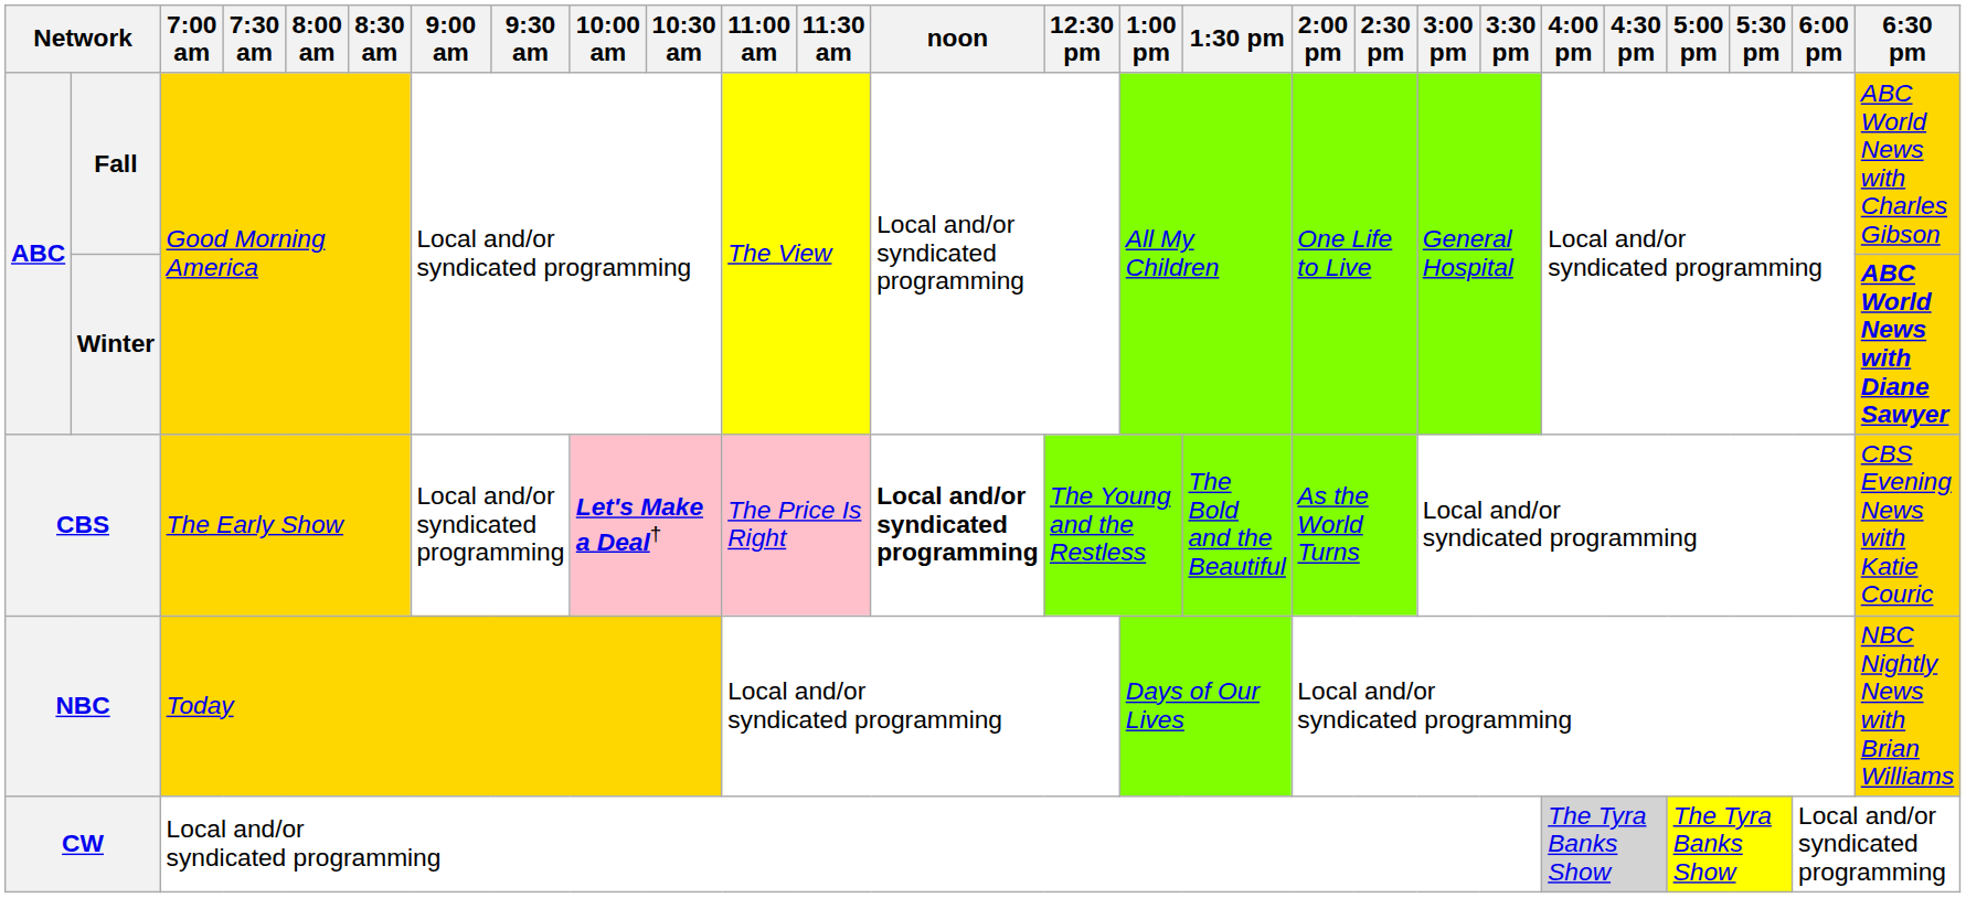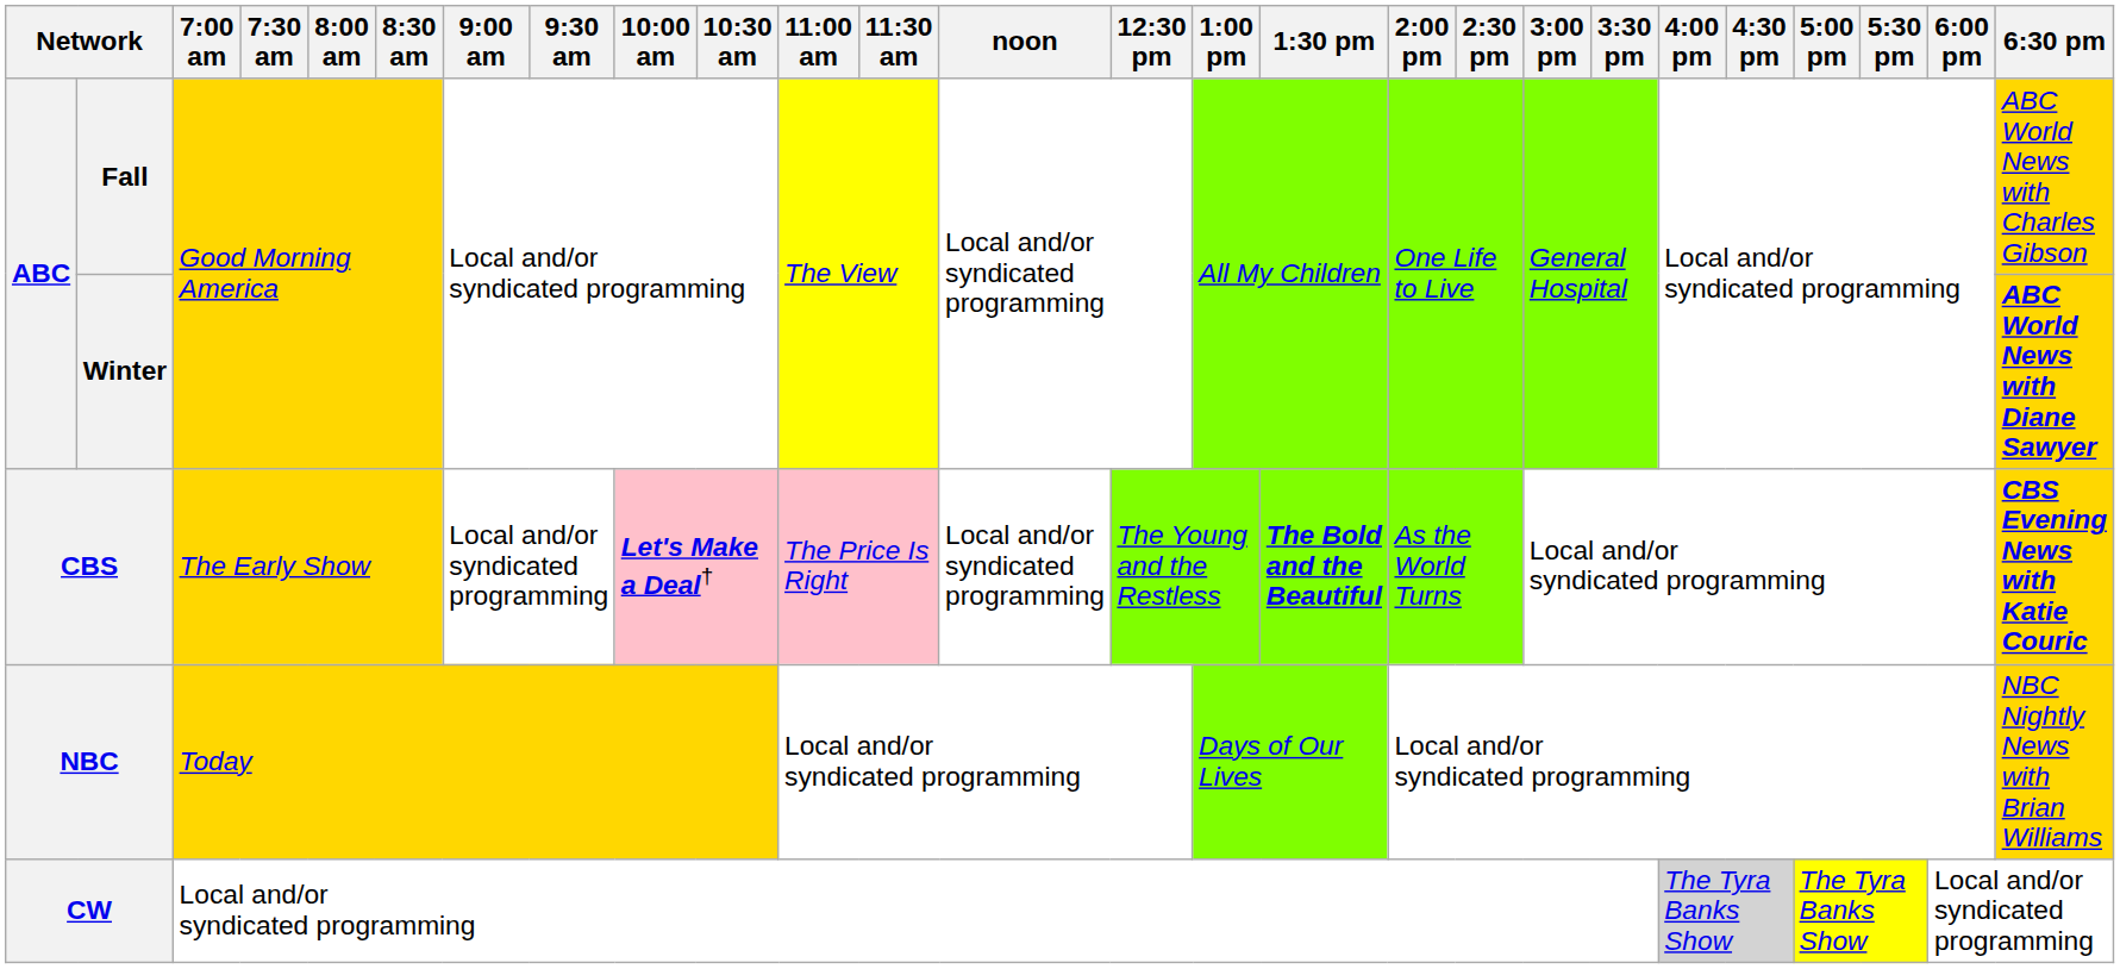 <table class=wikitable>
 <tr>
 <th width="1.5%" bgcolor="#C0C0C0" colspan="2">Network</th>
 <th width="4%" bgcolor="#C0C0C0">7:00 am</th>
 <th width="4%" bgcolor="#C0C0C0">7:30 am</th>
 <th width="4%" bgcolor="#C0C0C0">8:00 am</th>
 <th width="4%" bgcolor="#C0C0C0">8:30 am</th>
 <th width="4%" bgcolor="#C0C0C0">9:00 am</th>
 <th width="4%" bgcolor="#C0C0C0">9:30 am</th>
 <th width="4%" bgcolor="#C0C0C0">10:00 am</th>
 <th width="4%" bgcolor="#C0C0C0">10:30 am</th>
 <th width="4%" bgcolor="#C0C0C0">11:00 am</th>
 <th width="4%" bgcolor="#C0C0C0">11:30 am</th>
 <th width="4%" bgcolor="#C0C0C0">noon</th>
 <th width="4%" bgcolor="#C0C0C0">12:30 pm</th>
 <th width="4%" bgcolor="#C0C0C0">1:00 pm</th>
 <th width="4%" bgcolor="#C0C0C0">1:30 pm</th>
 <th width="4%" bgcolor="#C0C0C0">2:00 pm</th>
 <th width="4%" bgcolor="#C0C0C0">2:30 pm</th>
 <th width="4%" bgcolor="#C0C0C0">3:00 pm</th>
 <th width="4%" bgcolor="#C0C0C0">3:30 pm</th>
 <th width="4%" bgcolor="#C0C0C0">4:00 pm</th>
 <th width="4%" bgcolor="#C0C0C0">4:30 pm</th>
 <th width="4%" bgcolor="#C0C0C0">5:00 pm</th>
 <th width="4%" bgcolor="#C0C0C0">5:30 pm</th>
 <th width="4%" bgcolor="#C0C0C0">6:00 pm</th>
 <th width="4%" bgcolor="#C0C0C0">6:30 pm</th>
 </tr>
 <tr>
 <th bgcolor="#C0C0C0" rowspan="2"><a href='#'>ABC</a></th>
 <th>Fall</th>
 <td bgcolor="gold" colspan="4" rowspan="2"><em><a href='#'>Good Morning America</a></em></td>
 <td bgcolor="white" colspan="4" rowspan="2">Local and/or<br>syndicated programming</td>
 <td bgcolor="yellow" colspan="2" rowspan="2"><em><a href='#'>The View</a></em></td>
 <td bgcolor="white" colspan="2" rowspan="2">Local and/or<br>syndicated programming</td>
 <td bgcolor="chartreuse" colspan="2" rowspan="2"><em><a href='#'>All My Children</a></em></td>
 <td bgcolor="chartreuse" colspan="2" rowspan="2"><em><a href='#'>One Life to Live</a></em></td>
 <td bgcolor="chartreuse" colspan="2" rowspan="2"><em><a href='#'>General Hospital</a></em></td>
 <td bgcolor="white" colspan="5" rowspan="2">Local and/or<br>syndicated programming</td>
 <td bgcolor="gold"><em><a href='#'>ABC World News with Charles Gibson</a></em></td>
 </tr>
 <tr>
 <th>Winter</th>
 <td bgcolor="gold"><strong><em><a href='#'>ABC World News with Diane Sawyer</a></em></strong></td>
 </tr>
 <tr>
 <th bgcolor="#C0C0C0" colspan="2"><a href='#'>CBS</a></th>
 <td bgcolor="gold" colspan="4"><em><a href='#'>The Early Show</a></em></td>
 <td bgcolor="white" colspan="2">Local and/or<br>syndicated programming</td>
 <td bgcolor="pink" colspan="2"><strong><em><a href='#'>Let's Make a Deal</a></em></strong><sup>†</sup></td>
 <td bgcolor="pink" colspan="2"><em><a href='#'>The Price Is Right</a></em></td>
-<td bgcolor="white"><strong>Local and/or<br>syndicated programming</strong></td>
+<td bgcolor="white">Local and/or<br>syndicated programming</td>
 <td bgcolor="chartreuse" colspan="2"><em><a href='#'>The Young and the Restless</a></em></td>
-<td bgcolor="chartreuse"><em><a href='#'>The Bold and the Beautiful</a></em></td>
+<td bgcolor="chartreuse"><strong><em><a href='#'>The Bold and the Beautiful</a></em></strong></td>
 <td bgcolor="chartreuse" colspan="2"><em><a href='#'>As the World Turns</a></em></td>
 <td bgcolor="white" colspan="7">Local and/or<br>syndicated programming</td>
-<td bgcolor="gold"><em><a href='#'>CBS Evening News with Katie Couric</a></em></td>
+<td bgcolor="gold"><strong><em><a href='#'>CBS Evening News with Katie Couric</a></em></strong></td>
 </tr>
 <tr>
 <th bgcolor="#C0C0C0" colspan="2"><a href='#'>NBC</a></th>
 <td bgcolor="gold" colspan="8"><em><a href='#'>Today</a></em></td>
 <td bgcolor="white" colspan="4">Local and/or<br>syndicated programming</td>
 <td bgcolor="chartreuse" colspan="2"><em><a href='#'>Days of Our Lives</a></em></td>
 <td bgcolor="white" colspan="9">Local and/or<br>syndicated programming</td>
 <td bgcolor="gold"><em><a href='#'>NBC Nightly News with Brian Williams</a></em></td>
 </tr>
 <tr>
 <th bgcolor="#C0C0C0" colspan="2"><a href='#'>CW</a></th>
 <td bgcolor="white" colspan="18">Local and/or<br>syndicated programming</td>
 <td bgcolor="lightgray" colspan="2"><em><a href='#'>The Tyra Banks Show</a></em> </td>
 <td bgcolor="yellow" colspan="2"><em><a href='#'>The Tyra Banks Show</a></em></td>
 <td bgcolor="white" colspan="4">Local and/or<br>syndicated programming</td>
 </tr>
 </table>
